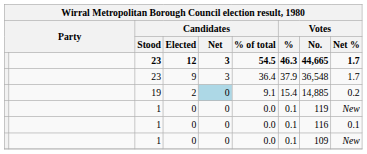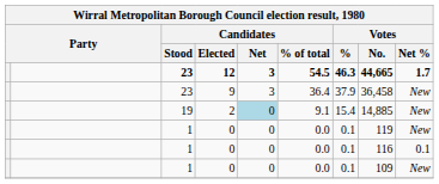 <table class="wikitable" style="font-size:95%">
 <tr>
 <th colspan="16" style="background-color:#f2f2f2">Wirral Metropolitan Borough Council election result, 1980</th>
 </tr>
 <tr style="vertical-align:center;">
 <th colspan="2" rowspan="2">Party</th>
 <th colspan="4" style="width: 30px">Candidates</th>
 <th colspan="3" style="width: 30px">Votes</th>
 </tr>
 <tr>
 <th>Stood</th>
 <th>Elected</th>
 <th style="width: 45px">Net</th>
 <th>% of total</th>
 <th>%</th>
 <th>No.</th>
 <th>Net %</th>
 </tr>
 <tr>
 <th style="background-color: "></th>
 <td style="width: 190px"><a href='#'></a></td>
 <td style="text-align:right; "><strong>23</strong></td>
 <td style="text-align:right; "><strong>12</strong></td>
 <td style="text-align:right; "><span><strong>3</strong></span></td>
 <td style="text-align:right; "><strong>54.5</strong></td>
 <td style="text-align:right; "><strong>46.3</strong></td>
 <td style="text-align:right; "><strong>44,665</strong></td>
 <td style="text-align:right; "><span><strong>1.7</strong></span></td>
 </tr>
 <tr>
 <th style="background-color: "></th>
 <td style="width: 190px"><a href='#'></a></td>
 <td style="text-align:right; ">23</td>
 <td style="text-align:right; ">9</td>
 <td style="text-align:right; "><span>3</span></td>
 <td style="text-align:right; ">36.4</td>
 <td style="text-align:right; ">37.9</td>
-<td style="text-align:right; ">36,548</td>
-<td style="text-align:right; "><span>1.7</span></td>
+<td style="text-align:right; ">36,458</td>
+<td style="text-align:right; "><em>New</em></td>
 </tr>
 <tr>
 <th style="background-color: "></th>
 <td style="width: 190px"><a href='#'></a></td>
 <td style="text-align:right; ">19</td>
 <td style="text-align:right; ">2</td>
 <td style="background: lightblue; text-align:right; ">0</td>
 <td style="text-align:right; ">9.1</td>
 <td style="text-align:right; ">15.4</td>
 <td style="text-align:right; ">14,885</td>
-<td style="text-align:right; "><span>0.2</span></td>
+<td style="text-align:right; "><em>New</em></td>
 </tr>
 <tr>
 <th style="background-color: "></th>
 <td style="width: 190px"><a href='#'></a></td>
 <td style="text-align:right; ">1</td>
 <td style="text-align:right; ">0</td>
 <td style="text-align:right; ">0</td>
 <td style="text-align:right; ">0.0</td>
 <td style="text-align:right; ">0.1</td>
 <td style="text-align:right; ">119</td>
 <td style="text-align:right; "><em>New</em></td>
 </tr>
 <tr>
 <th style="background-color: "></th>
 <td style="width: 190px"><a href='#'></a></td>
 <td style="text-align:right; ">1</td>
 <td style="text-align:right; ">0</td>
 <td style="text-align:right; ">0</td>
 <td style="text-align:right; ">0.0</td>
 <td style="text-align:right; ">0.1</td>
 <td style="text-align:right; ">116</td>
 <td style="text-align:right; "><span>0.1</span></td>
 </tr>
 <tr>
 <th style="background-color: "></th>
 <td style="width: 190px"><a href='#'></a></td>
 <td style="text-align:right; ">1</td>
 <td style="text-align:right; ">0</td>
 <td style="text-align:right; ">0</td>
 <td style="text-align:right; ">0.0</td>
 <td style="text-align:right; ">0.1</td>
 <td style="text-align:right; ">109</td>
 <td style="text-align:right; "><em>New</em></td>
 </tr>
 <tr>
 </tr>
 </table>
